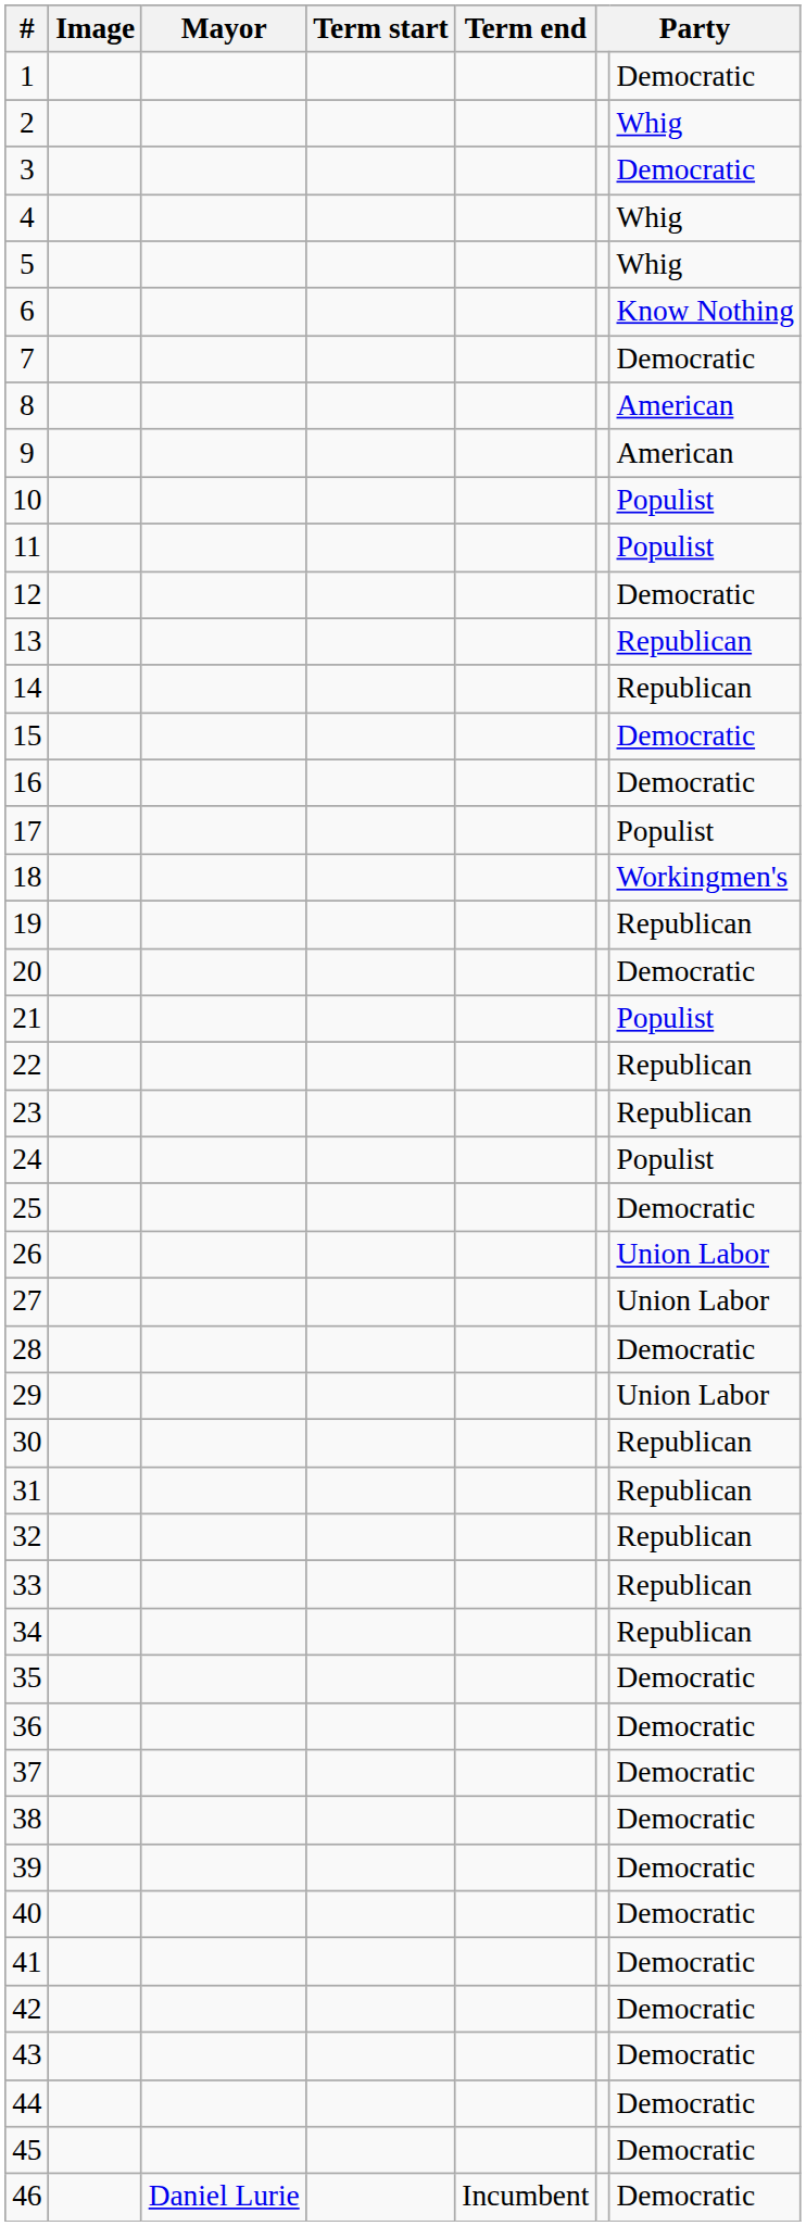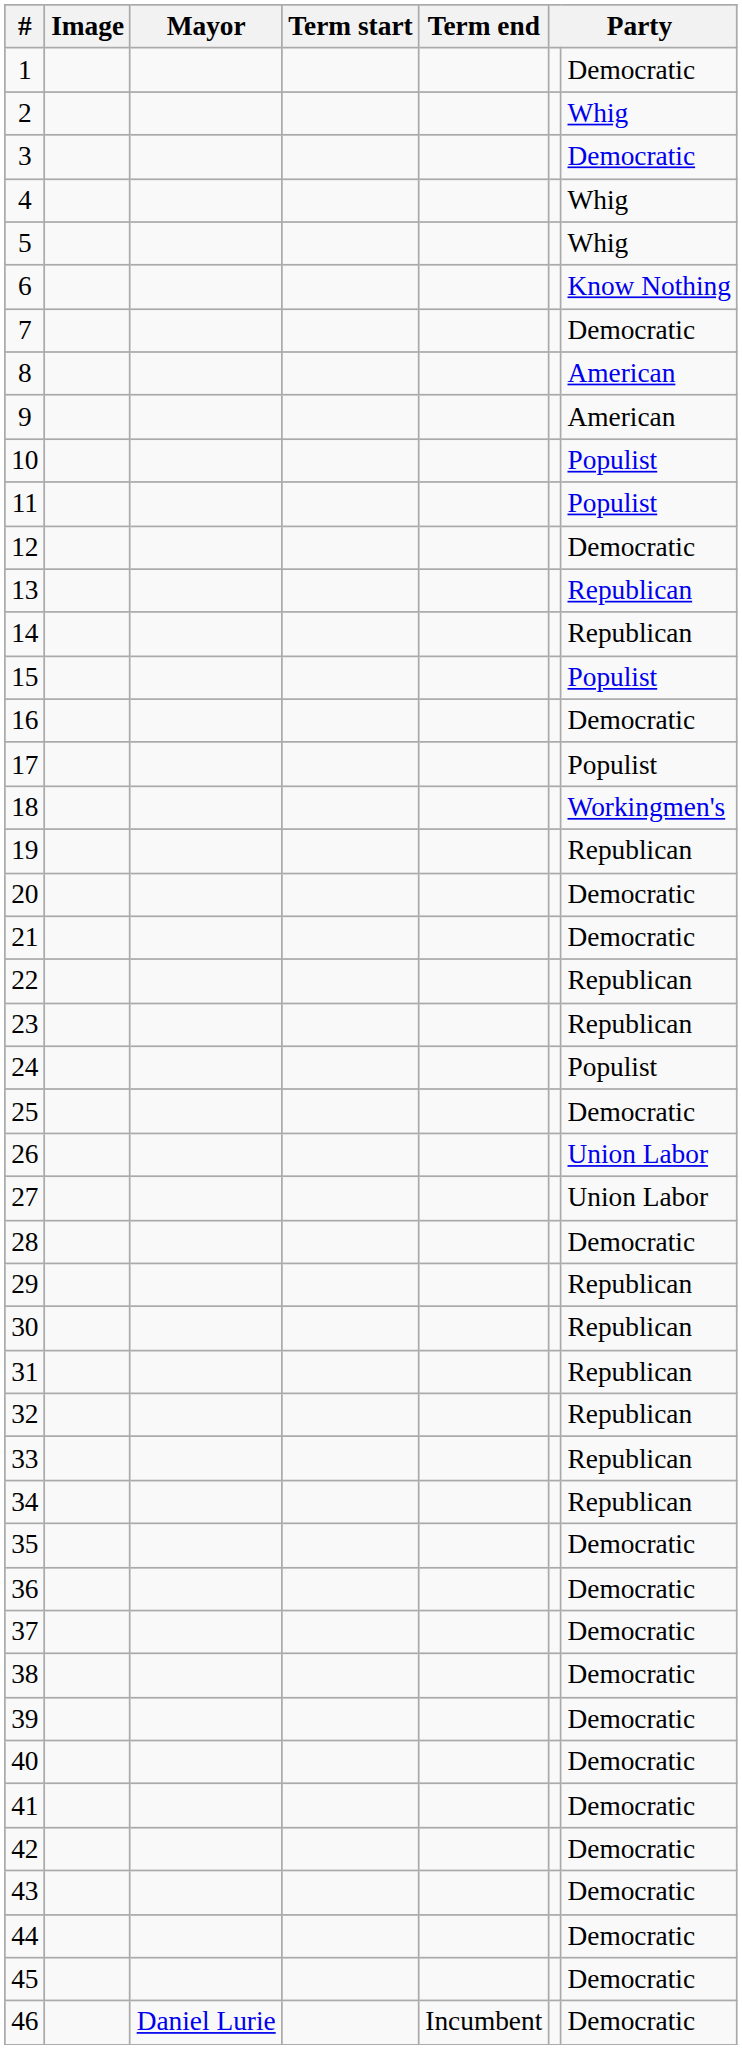 <table class="wikitable sortable">
 <tr>
 <th align=center>#</th>
 <th>Image</th>
 <th>Mayor</th>
 <th>Term start</th>
 <th>Term end</th>
 <th colspan="2" class="unsortable">Party </th>
 </tr>
 <tr>
 <td align=center>1</td>
 <td></td>
 <td></td>
 <td align=center></td>
 <td align=center></td>
 <td bgcolor=></td>
 <td>Democratic</td>
 </tr>
 <tr>
 <td align=center>2</td>
 <td></td>
 <td></td>
 <td align=center></td>
 <td align=center></td>
 <td bgcolor=></td>
 <td><a href='#'>Whig</a></td>
 </tr>
 <tr>
 <td align=center>3</td>
 <td></td>
 <td></td>
 <td align=center></td>
 <td align=center></td>
 <td bgcolor=></td>
 <td><a href='#'>Democratic</a></td>
 </tr>
 <tr>
 <td align=center>4</td>
 <td></td>
 <td></td>
 <td align=center></td>
 <td align=center></td>
 <td bgcolor=></td>
 <td>Whig</td>
 </tr>
 <tr>
 <td align=center>5</td>
 <td></td>
 <td></td>
 <td align=center></td>
 <td align=center></td>
 <td bgcolor=></td>
 <td>Whig</td>
 </tr>
 <tr>
 <td align=center>6</td>
 <td></td>
 <td></td>
 <td align=center></td>
 <td align=center></td>
 <td bgcolor=></td>
 <td><a href='#'>Know Nothing</a></td>
 </tr>
 <tr>
 <td align=center>7</td>
 <td></td>
 <td></td>
 <td align=center></td>
 <td align=center></td>
 <td bgcolor=></td>
 <td>Democratic</td>
 </tr>
 <tr>
 <td align=center>8</td>
 <td></td>
 <td></td>
 <td align=center></td>
 <td align=center></td>
 <td bgcolor=></td>
 <td><a href='#'>American</a></td>
 </tr>
 <tr>
 <td align=center>9</td>
 <td></td>
 <td></td>
 <td align=center></td>
 <td align=center></td>
 <td bgcolor=></td>
 <td>American</td>
 </tr>
 <tr>
 <td align=center>10</td>
 <td></td>
 <td></td>
 <td align=center></td>
 <td align=center></td>
 <td bgcolor=></td>
 <td><a href='#'>Populist</a></td>
 </tr>
 <tr>
 <td align=center>11</td>
 <td></td>
 <td></td>
 <td align=center></td>
 <td align=center></td>
 <td bgcolor=></td>
 <td><a href='#'>Populist</a></td>
 </tr>
 <tr>
 <td align=center>12</td>
 <td></td>
 <td></td>
 <td align=center></td>
 <td align=center></td>
 <td bgcolor=></td>
 <td>Democratic</td>
 </tr>
 <tr>
 <td align=center>13</td>
 <td></td>
 <td></td>
 <td align=center></td>
 <td align=center></td>
 <td bgcolor=></td>
 <td><a href='#'>Republican</a></td>
 </tr>
 <tr>
 <td align=center>14</td>
 <td></td>
 <td></td>
 <td align=center></td>
 <td align=center></td>
 <td bgcolor=></td>
 <td>Republican</td>
 </tr>
 <tr>
 <td align=center>15</td>
 <td></td>
 <td></td>
 <td align=center></td>
 <td align=center></td>
 <td bgcolor=></td>
-<td><a href='#'>Democratic</a></td>
+<td><a href='#'>Populist</a></td>
 </tr>
 <tr>
 <td align=center>16</td>
 <td></td>
 <td></td>
 <td align=center></td>
 <td align=center></td>
 <td bgcolor=></td>
 <td>Democratic</td>
 </tr>
 <tr>
 <td align=center>17</td>
 <td></td>
 <td></td>
 <td align=center></td>
 <td align=center></td>
 <td bgcolor=></td>
 <td>Populist</td>
 </tr>
 <tr>
 <td align=center>18</td>
 <td></td>
 <td></td>
 <td align=center></td>
 <td align=center></td>
 <td bgcolor=></td>
 <td><a href='#'>Workingmen's</a></td>
 </tr>
 <tr>
 <td align=center>19</td>
 <td></td>
 <td></td>
 <td align=center></td>
 <td align=center></td>
 <td bgcolor=></td>
 <td>Republican</td>
 </tr>
 <tr>
 <td align=center>20</td>
 <td></td>
 <td></td>
 <td align=center></td>
 <td align=center></td>
 <td bgcolor=></td>
 <td>Democratic</td>
 </tr>
 <tr>
 <td align=center>21</td>
 <td></td>
 <td></td>
 <td align=center></td>
 <td align=center></td>
 <td bgcolor=></td>
-<td><a href='#'>Populist</a></td>
+<td>Democratic</td>
 </tr>
 <tr>
 <td align=center>22</td>
 <td></td>
 <td></td>
 <td align=center></td>
 <td align=center></td>
 <td bgcolor=></td>
 <td>Republican</td>
 </tr>
 <tr>
 <td align=center>23</td>
 <td></td>
 <td></td>
 <td align=center></td>
 <td align=center></td>
 <td bgcolor=></td>
 <td>Republican</td>
 </tr>
 <tr>
 <td align=center>24</td>
 <td></td>
 <td></td>
 <td align=center></td>
 <td align=center></td>
 <td bgcolor=></td>
 <td>Populist</td>
 </tr>
 <tr>
 <td align=center>25</td>
 <td></td>
 <td></td>
 <td align=center></td>
 <td align=center></td>
 <td bgcolor=></td>
 <td>Democratic</td>
 </tr>
 <tr>
 <td align=center>26</td>
 <td></td>
 <td></td>
 <td align=center></td>
 <td align=center></td>
 <td bgcolor=></td>
 <td><a href='#'>Union Labor</a></td>
 </tr>
 <tr>
 <td align=center>27</td>
 <td></td>
 <td></td>
 <td align=center></td>
 <td align=center></td>
 <td bgcolor=></td>
 <td>Union Labor</td>
 </tr>
 <tr>
 <td align=center>28</td>
 <td></td>
 <td></td>
 <td align=center></td>
 <td align=center></td>
 <td bgcolor=></td>
 <td>Democratic</td>
 </tr>
 <tr>
 <td align=center>29</td>
 <td></td>
 <td></td>
 <td align=center></td>
 <td align=center></td>
 <td bgcolor=></td>
-<td>Union Labor</td>
+<td>Republican</td>
 </tr>
 <tr>
 <td align=center>30</td>
 <td></td>
 <td></td>
 <td align=center></td>
 <td align=center></td>
 <td bgcolor=></td>
 <td>Republican</td>
 </tr>
 <tr>
 <td align=center>31</td>
 <td></td>
 <td></td>
 <td align=center></td>
 <td align=center></td>
 <td bgcolor=></td>
 <td>Republican</td>
 </tr>
 <tr>
 <td align=center>32</td>
 <td></td>
 <td></td>
 <td align=center></td>
 <td align=center></td>
 <td bgcolor=></td>
 <td>Republican</td>
 </tr>
 <tr>
 <td align=center>33</td>
 <td></td>
 <td></td>
 <td align=center></td>
 <td align=center></td>
 <td bgcolor=></td>
 <td>Republican</td>
 </tr>
 <tr>
 <td align=center>34</td>
 <td></td>
 <td></td>
 <td align=center></td>
 <td align=center></td>
 <td bgcolor=></td>
 <td>Republican</td>
 </tr>
 <tr>
 <td align=center>35</td>
 <td></td>
 <td></td>
 <td align=center></td>
 <td align=center></td>
 <td bgcolor=></td>
 <td>Democratic</td>
 </tr>
 <tr>
 <td align=center>36</td>
 <td></td>
 <td></td>
 <td align=center></td>
 <td align=center></td>
 <td bgcolor=></td>
 <td>Democratic</td>
 </tr>
 <tr>
 <td align=center>37</td>
 <td></td>
 <td></td>
 <td align=center></td>
 <td align=center></td>
 <td bgcolor=></td>
 <td>Democratic</td>
 </tr>
 <tr>
 <td align=center>38</td>
 <td></td>
 <td></td>
 <td align=center></td>
 <td align=center></td>
 <td bgcolor=></td>
 <td>Democratic</td>
 </tr>
 <tr>
 <td align=center>39</td>
 <td></td>
 <td></td>
 <td align=center></td>
 <td align=center></td>
 <td bgcolor=></td>
 <td>Democratic</td>
 </tr>
 <tr>
 <td align=center>40</td>
 <td></td>
 <td></td>
 <td align=center></td>
 <td align=center></td>
 <td bgcolor=></td>
 <td>Democratic</td>
 </tr>
 <tr>
 <td align=center>41</td>
 <td></td>
 <td></td>
 <td align=center></td>
 <td align=center></td>
 <td bgcolor=></td>
 <td>Democratic</td>
 </tr>
 <tr>
 <td align=center>42</td>
 <td></td>
 <td></td>
 <td align=center></td>
 <td align=center></td>
 <td bgcolor=></td>
 <td>Democratic</td>
 </tr>
 <tr>
 <td align=center>43</td>
 <td></td>
 <td></td>
 <td align=center></td>
 <td align=center></td>
 <td bgcolor=></td>
 <td>Democratic</td>
 </tr>
 <tr>
 <td align=center>44</td>
 <td></td>
 <td></td>
 <td align=center></td>
 <td align=center></td>
 <td bgcolor=></td>
 <td>Democratic</td>
 </tr>
 <tr>
 <td align=center>45</td>
 <td></td>
 <td></td>
 <td align=center></td>
 <td align=center></td>
 <td bgcolor=></td>
 <td>Democratic</td>
 </tr>
 <tr>
 <td align="center">46</td>
 <td></td>
 <td><a href='#'>Daniel Lurie</a></td>
 <td align="center"></td>
 <td align="center">Incumbent</td>
 <td></td>
 <td>Democratic</td>
 </tr>
 </table>
